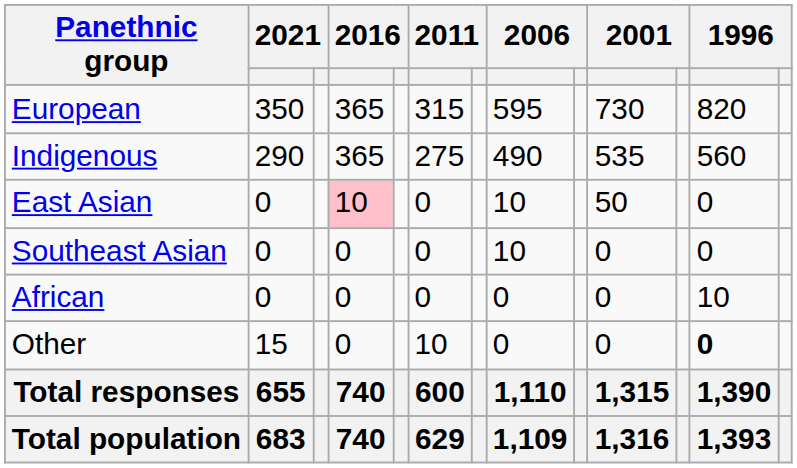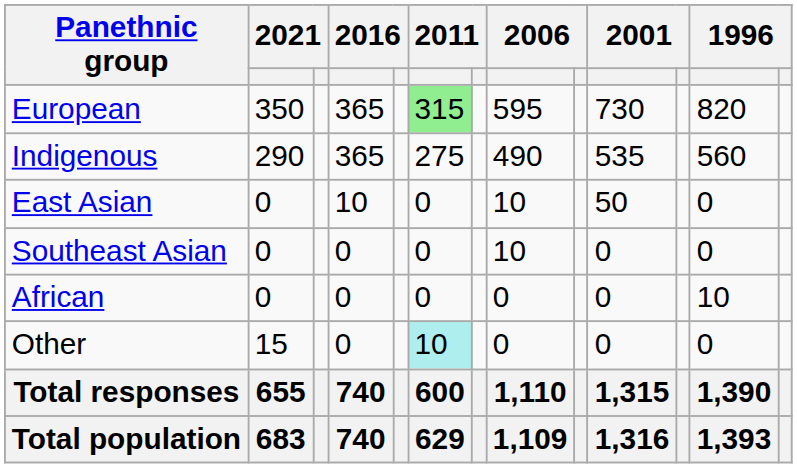 <table class="wikitable collapsible sortable">
 <tr>
 <th rowspan="2"><a href='#'>Panethnic</a><br>group</th>
 <th colspan="2">2021</th>
 <th colspan="2">2016</th>
 <th colspan="2">2011</th>
 <th colspan="2">2006</th>
 <th colspan="2">2001</th>
 <th colspan="2">1996</th>
 </tr>
 <tr>
 <th><a href='#'></a></th>
 <th></th>
 <th></th>
 <th></th>
 <th></th>
 <th></th>
 <th></th>
 <th></th>
 <th></th>
 <th></th>
 <th></th>
 <th></th>
 </tr>
 <tr>
 <td><a href='#'>European</a></td>
 <td>350</td>
 <td></td>
 <td>365</td>
 <td></td>
-<td>315</td>
+<td style="background: lightgreen;">315</td>
 <td></td>
 <td>595</td>
 <td></td>
 <td>730</td>
 <td></td>
 <td>820</td>
 <td></td>
 </tr>
 <tr>
 <td><a href='#'>Indigenous</a></td>
 <td>290</td>
 <td></td>
 <td>365</td>
 <td></td>
 <td>275</td>
 <td></td>
 <td>490</td>
 <td></td>
 <td>535</td>
 <td></td>
 <td>560</td>
 <td></td>
 </tr>
 <tr>
 <td><a href='#'>East Asian</a></td>
 <td>0</td>
 <td></td>
-<td style="background: pink;">10</td>
+<td>10</td>
 <td></td>
 <td>0</td>
 <td></td>
 <td>10</td>
 <td></td>
 <td>50</td>
 <td></td>
 <td>0</td>
 <td></td>
 </tr>
 <tr>
 <td><a href='#'>Southeast Asian</a></td>
 <td>0</td>
 <td></td>
 <td>0</td>
 <td></td>
 <td>0</td>
 <td></td>
 <td>10</td>
 <td></td>
 <td>0</td>
 <td></td>
 <td>0</td>
 <td></td>
 </tr>
 <tr>
 <td><a href='#'>African</a></td>
 <td>0</td>
 <td></td>
 <td>0</td>
 <td></td>
 <td>0</td>
 <td></td>
 <td>0</td>
 <td></td>
 <td>0</td>
 <td></td>
 <td>10</td>
 <td></td>
 </tr>
 <tr>
 <td>Other</td>
 <td>15</td>
 <td></td>
 <td>0</td>
 <td></td>
-<td>10</td>
+<td style="background: paleturquoise;">10</td>
 <td></td>
 <td>0</td>
 <td></td>
 <td>0</td>
 <td></td>
-<td><strong>0</strong></td>
+<td>0</td>
 <td></td>
 </tr>
 <tr>
 <th>Total responses</th>
 <th>655</th>
 <th></th>
 <th>740</th>
 <th></th>
 <th>600</th>
 <th></th>
 <th>1,110</th>
 <th></th>
 <th>1,315</th>
 <th></th>
 <th>1,390</th>
 <th></th>
 </tr>
 <tr>
 <th>Total population</th>
 <th>683</th>
 <th></th>
 <th>740</th>
 <th></th>
 <th>629</th>
 <th></th>
 <th>1,109</th>
 <th></th>
 <th>1,316</th>
 <th></th>
 <th>1,393</th>
 <th></th>
 </tr>
 </table>
